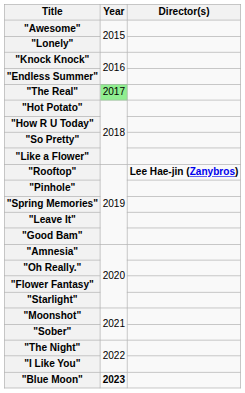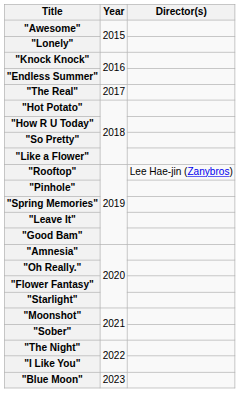 <table class="wikitable plainrowheaders" style="text-align:center;">
 <tr>
 <th scope="col">Title</th>
 <th scope="col">Year</th>
 <th scope="col">Director(s)</th>
 </tr>
 <tr>
 <th scope="row">"Awesome"</th>
 <td rowspan="2">2015</td>
 <td></td>
 </tr>
 <tr>
 <th scope="row">"Lonely"</th>
 <td></td>
 </tr>
 <tr>
 <th scope="row">"Knock Knock"</th>
 <td rowspan="2">2016</td>
 <td></td>
 </tr>
 <tr>
 <th scope="row">"Endless Summer"</th>
 <td></td>
 </tr>
 <tr>
 <th scope="row">"The Real"</th>
-<td style="background: lightgreen;">2017</td>
+<td>2017</td>
 <td></td>
 </tr>
 <tr>
 <th scope="row">"Hot Potato"</th>
 <td rowspan="4">2018</td>
 <td></td>
 </tr>
 <tr>
 <th scope="row">"How R U Today"</th>
 <td></td>
 </tr>
 <tr>
 <th scope="row">"So Pretty"</th>
 <td></td>
 </tr>
 <tr>
 <th scope="row">"Like a Flower"</th>
 <td></td>
 </tr>
 <tr>
 <th scope="row">"Rooftop"</th>
 <td rowspan="5">2019</td>
-<td><strong>Lee Hae-jin (<a href='#'>Zanybros</a>)</strong></td>
+<td>Lee Hae-jin (<a href='#'>Zanybros</a>)</td>
 </tr>
 <tr>
 <th scope="row">"Pinhole"</th>
 <td></td>
 </tr>
 <tr>
 <th scope="row">"Spring Memories"</th>
 <td></td>
 </tr>
 <tr>
 <th scope="row">"Leave It"</th>
 <td></td>
 </tr>
 <tr>
 <th scope="row">"Good Bam"</th>
 <td></td>
 </tr>
 <tr>
 <th scope="row">"Amnesia"</th>
 <td rowspan="4">2020</td>
 <td></td>
 </tr>
 <tr>
 <th scope="row">"Oh Really."</th>
 <td></td>
 </tr>
 <tr>
 <th scope="row">"Flower Fantasy"</th>
 <td></td>
 </tr>
 <tr>
 <th scope="row">"Starlight"</th>
 <td></td>
 </tr>
 <tr>
 <th scope="row">"Moonshot"</th>
 <td rowspan="2">2021</td>
 <td></td>
 </tr>
 <tr>
 <th scope="row">"Sober"</th>
 <td></td>
 </tr>
 <tr>
 <th scope="row">"The Night"</th>
 <td rowspan="2">2022</td>
 <td></td>
 </tr>
 <tr>
 <th scope="row">"I Like You"</th>
 <td></td>
 </tr>
 <tr>
 <th scope="row">"Blue Moon"</th>
-<td><strong>2023</strong></td>
+<td>2023</td>
 </tr>
 </table>
